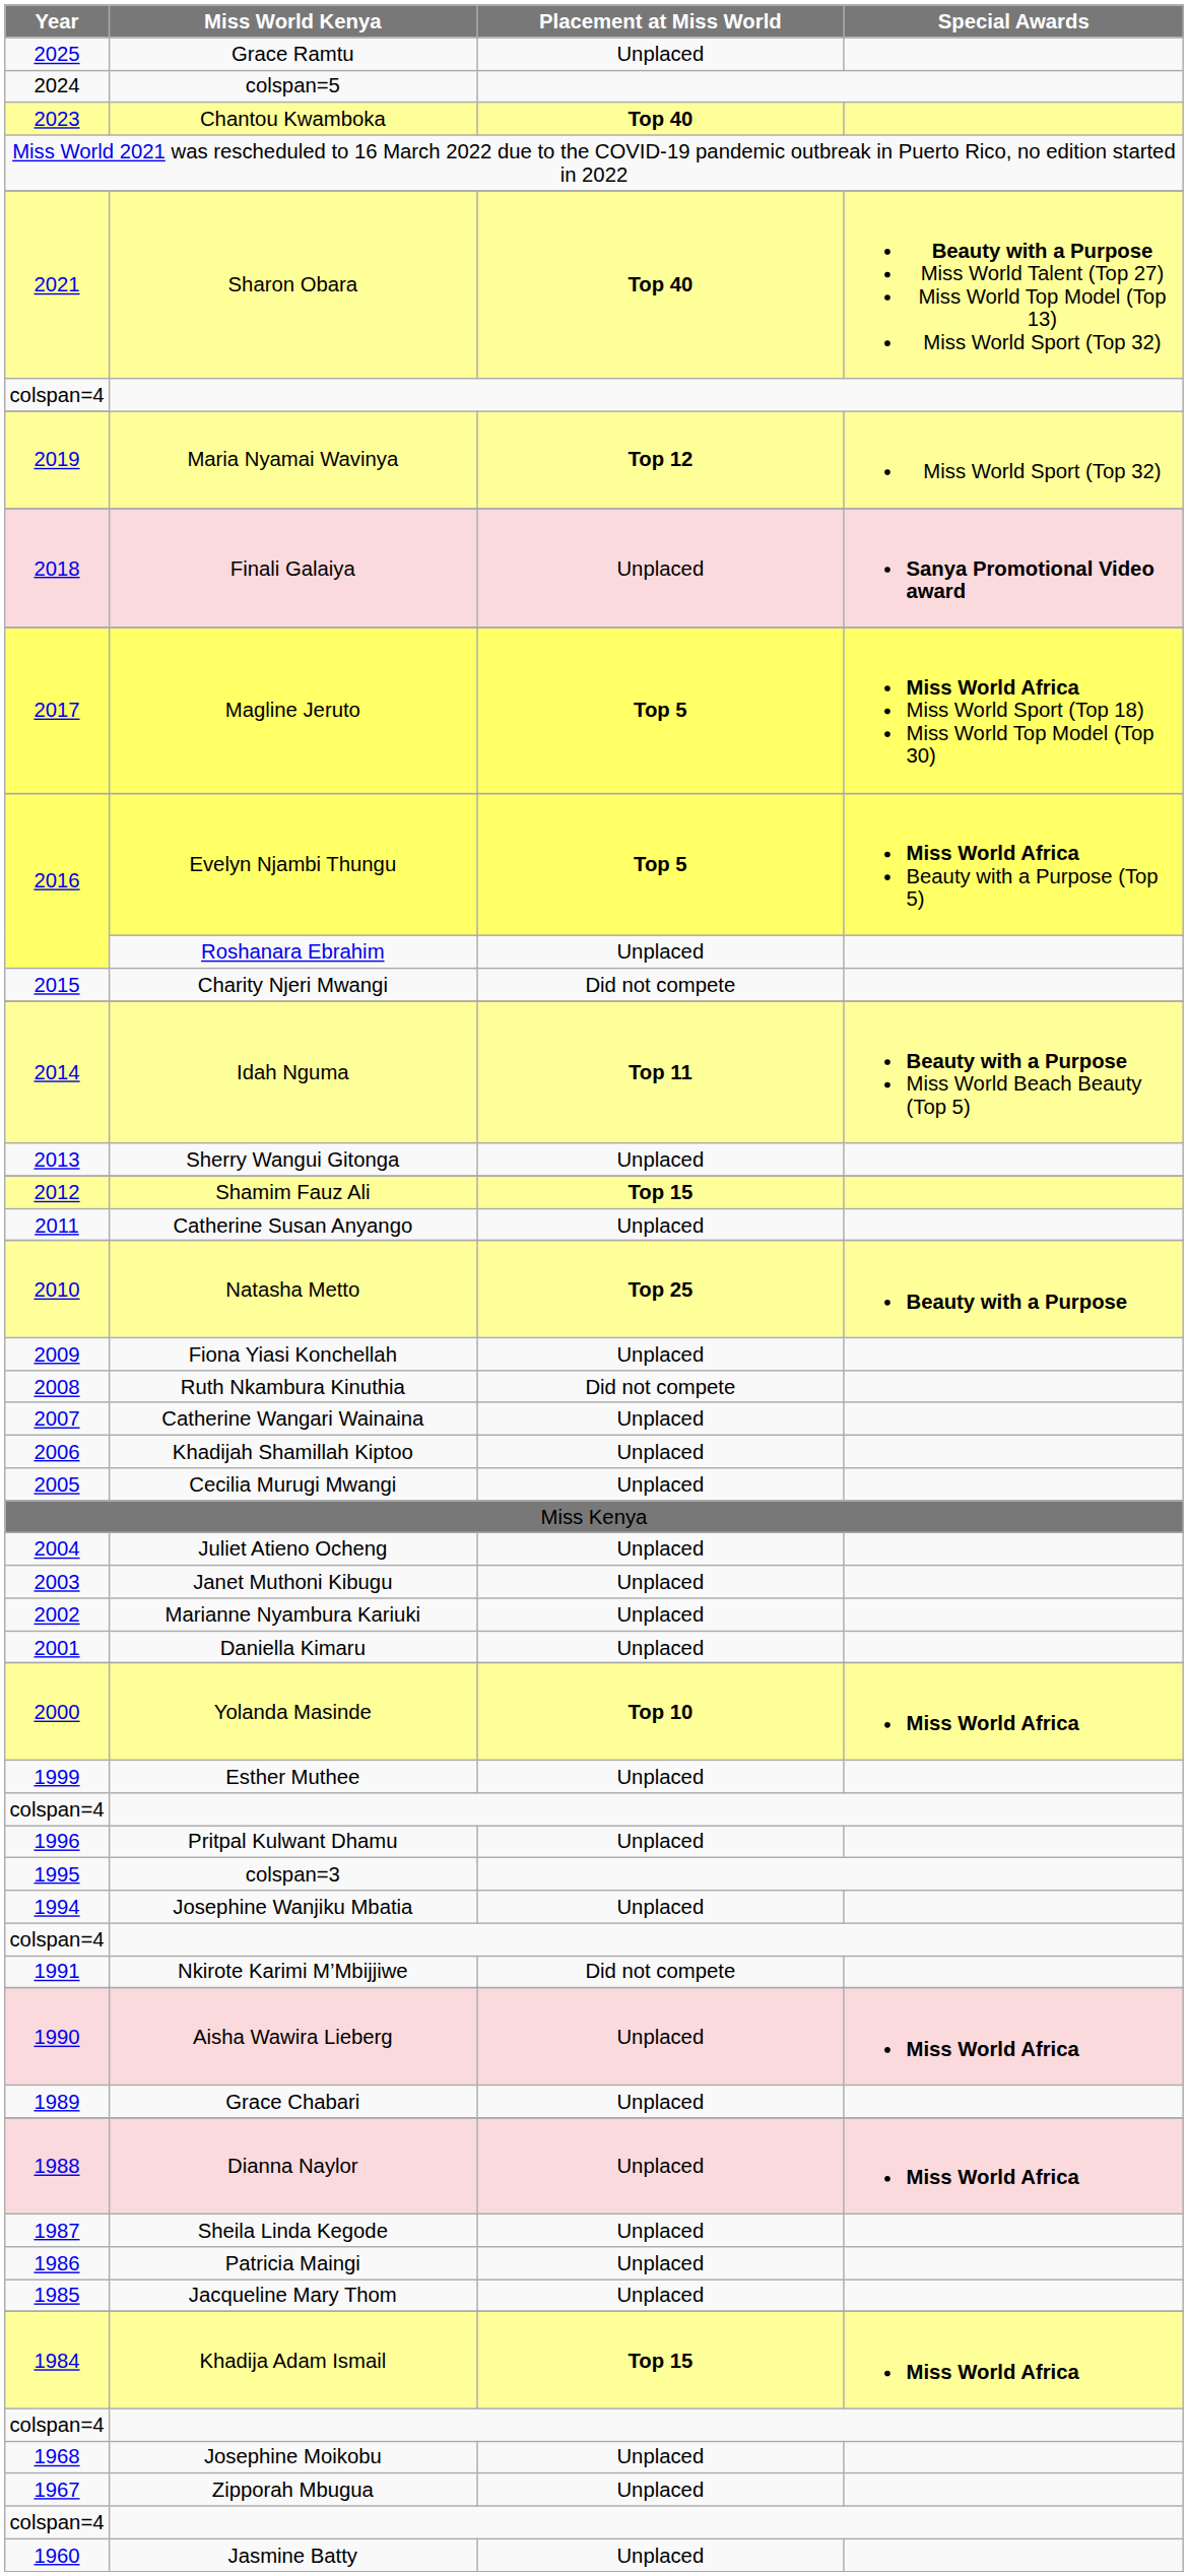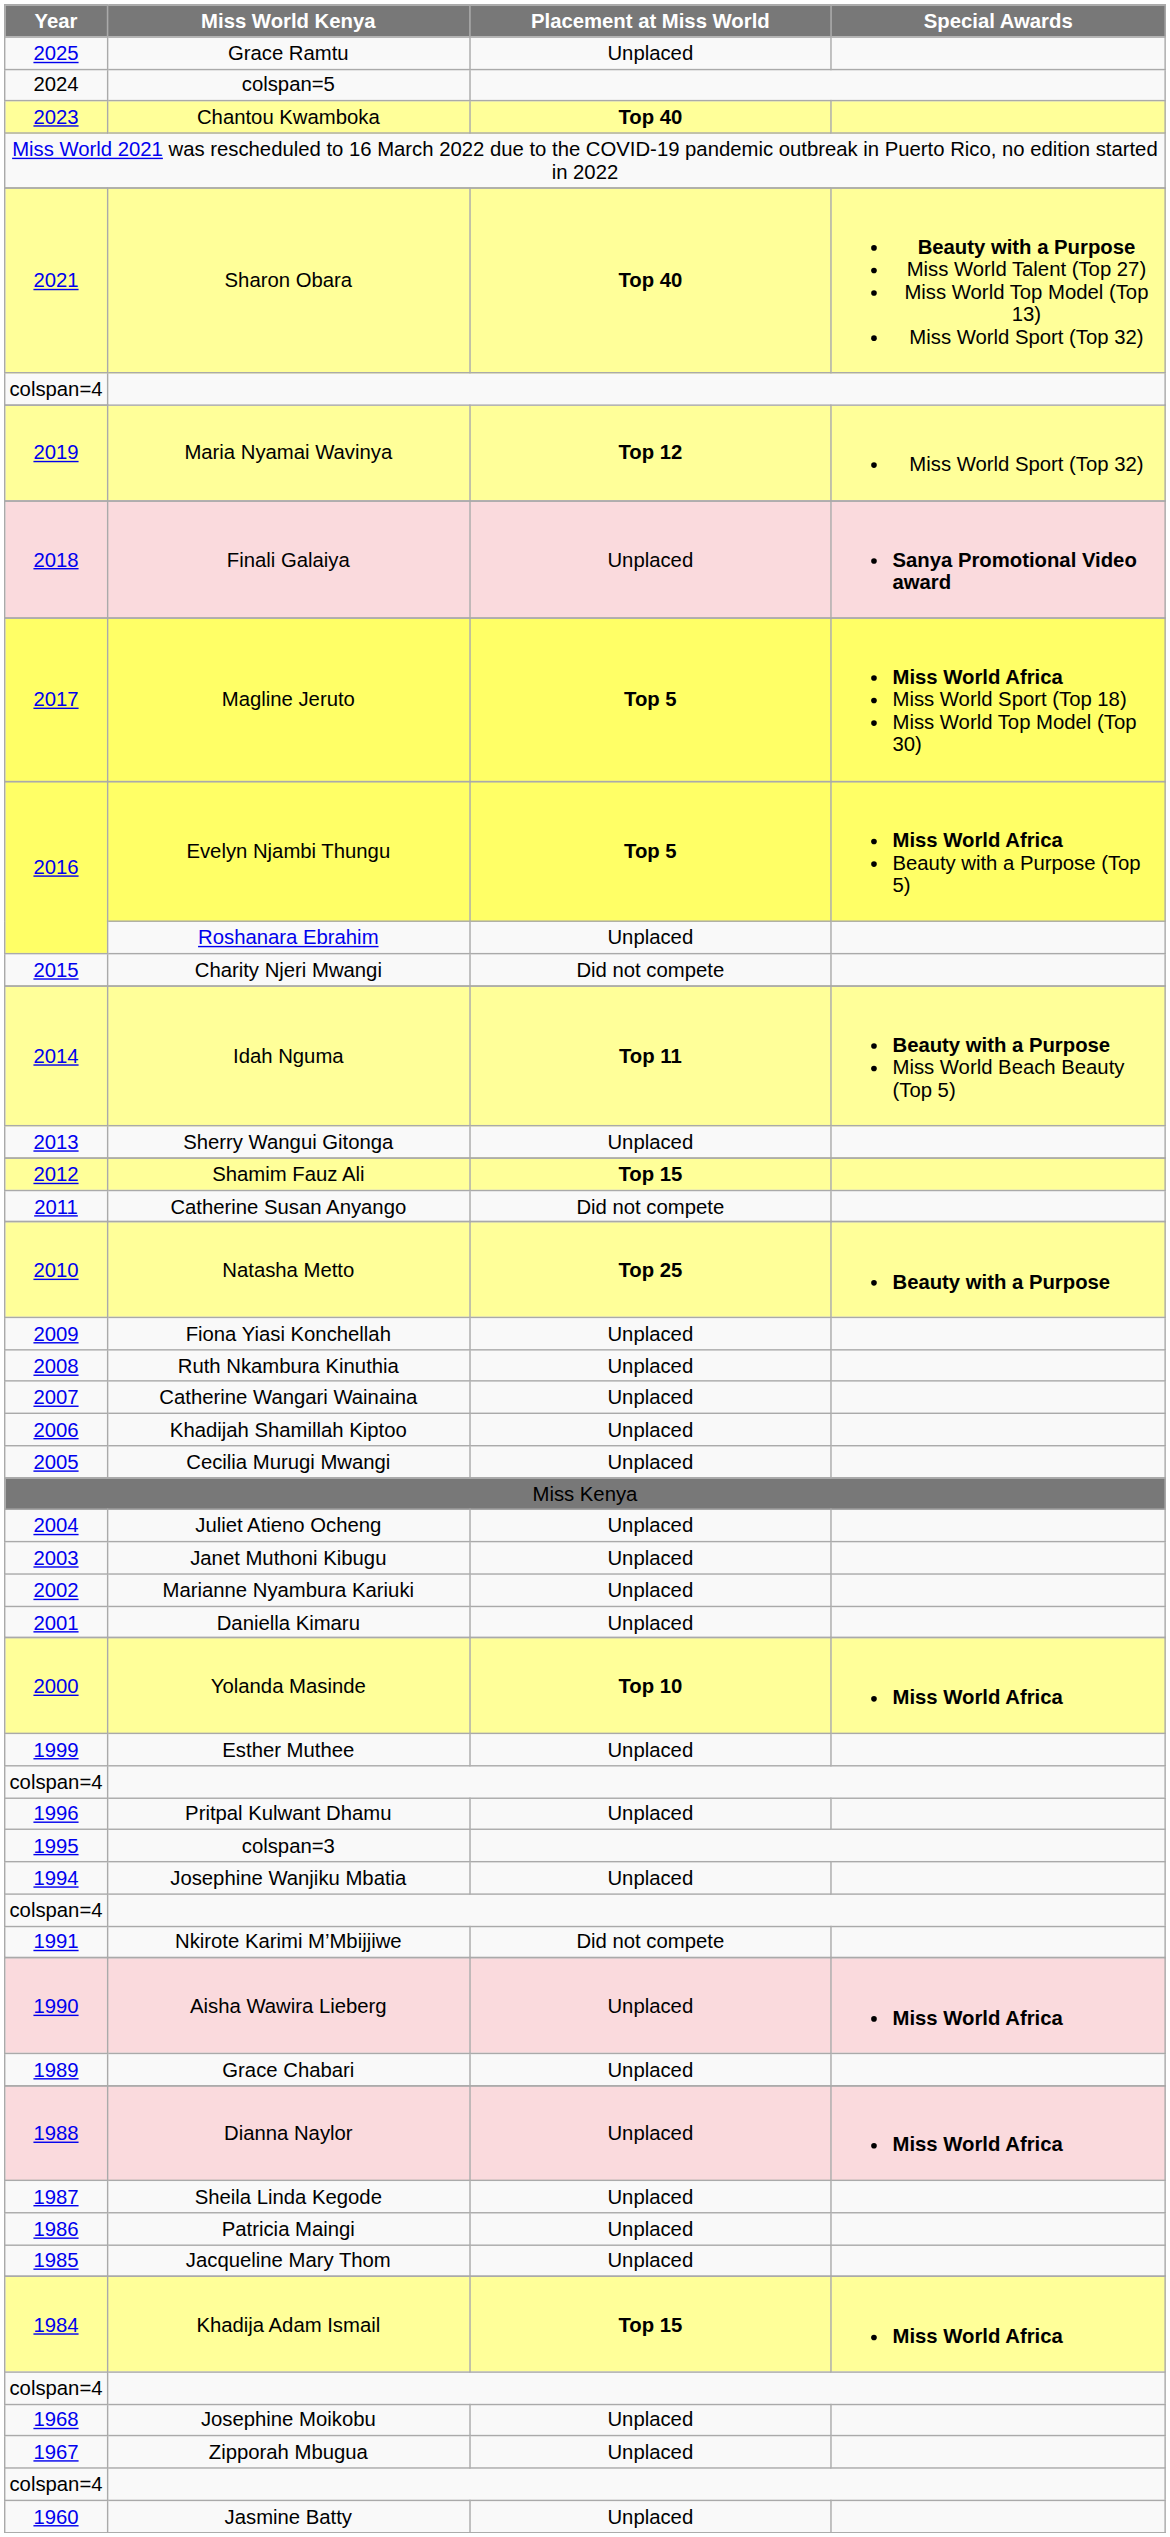 <table class="wikitable" style="font-size: 90%; text-align:center">
 <tr>
 <th width="60" style="background-color:#787878;color:#FFFFFF;">Year</th>
 <th width="250" style="background-color:#787878;color:#FFFFFF;">Miss World Kenya</th>
 <th width="250" style="background-color:#787878;color:#FFFFFF;">Placement at Miss World</th>
 <th width="230" style="background-color:#787878;color:#FFFFFF;">Special Awards</th>
 </tr>
 <tr>
 <td><a href='#'>2025</a></td>
 <td>Grace Ramtu</td>
 <td>Unplaced</td>
 <td></td>
 </tr>
 <tr>
 <td>2024</td>
 <td>colspan=5 </td>
 </tr>
 <tr style="background-color:#FFFF99">
 <td><a href='#'>2023</a></td>
 <td>Chantou Kwamboka</td>
 <td><strong>Top 40</strong></td>
 <td></td>
 </tr>
 <tr>
 <td colspan=5 {{n/a><a href='#'>Miss World 2021</a> was rescheduled to 16 March 2022 due to the COVID-19 pandemic outbreak in Puerto Rico, no edition started in 2022</td>
 </tr>
 <tr>
 </tr>
 <tr style="background-color:#FFFF99">
 <td><a href='#'>2021</a></td>
 <td>Sharon Obara</td>
 <td><strong>Top 40</strong></td>
 <td><br><ul><li><strong>Beauty with a Purpose</strong></li><li>Miss World Talent (Top 27)</li><li>Miss World Top Model (Top 13)</li><li>Miss World Sport (Top 32)</li></ul></td>
 </tr>
 <tr>
 <td>colspan=4 </td>
 </tr>
 <tr>
 </tr>
 <tr style="background-color:#FFFF99">
 <td><a href='#'>2019</a></td>
 <td>Maria Nyamai Wavinya</td>
 <td><strong>Top 12</strong></td>
 <td><br><ul><li>Miss World Sport (Top 32)</li></ul></td>
 </tr>
 <tr>
 </tr>
 <tr style="background-color:#FADADD">
 <td><a href='#'>2018</a></td>
 <td>Finali Galaiya</td>
 <td>Unplaced</td>
 <td align="left"><br><ul><li><strong>Sanya Promotional Video award</strong></li></ul></td>
 </tr>
 <tr>
 </tr>
 <tr style="background-color:#FFFF66">
 <td><a href='#'>2017</a></td>
 <td>Magline Jeruto</td>
 <td><strong>Top 5</strong></td>
 <td align="left"><br><ul><li><strong>Miss World Africa</strong></li><li>Miss World Sport (Top 18)</li><li>Miss World Top Model (Top 30)</li></ul></td>
 </tr>
 <tr>
 </tr>
 <tr style="background-color:#FFFF66">
 <td rowspan="2"><a href='#'>2016</a></td>
 <td>Evelyn Njambi Thungu</td>
 <td><strong>Top 5</strong></td>
 <td align="left"><br><ul><li><strong>Miss World Africa</strong></li><li>Beauty with a Purpose (Top 5)</li></ul></td>
 </tr>
 <tr>
 <td><a href='#'>Roshanara Ebrahim</a></td>
 <td>Unplaced</td>
 <td></td>
 </tr>
 <tr>
 <td><a href='#'>2015</a></td>
 <td>Charity Njeri Mwangi</td>
 <td>Did not compete</td>
 <td></td>
 </tr>
 <tr>
 </tr>
 <tr style="background-color:#FFFF99">
 <td><a href='#'>2014</a></td>
 <td>Idah Nguma</td>
 <td><strong>Top 11</strong></td>
 <td align="left"><br><ul><li><strong>Beauty with a Purpose</strong></li><li>Miss World Beach Beauty (Top 5)</li></ul></td>
 </tr>
 <tr>
 <td><a href='#'>2013</a></td>
 <td>Sherry Wangui Gitonga</td>
 <td>Unplaced</td>
 <td></td>
 </tr>
 <tr>
 </tr>
 <tr style="background-color:#FFFF99">
 <td><a href='#'>2012</a></td>
 <td>Shamim Fauz Ali</td>
 <td><strong>Top 15</strong></td>
 <td></td>
 </tr>
 <tr>
 <td><a href='#'>2011</a></td>
 <td>Catherine Susan Anyango</td>
-<td>Unplaced</td>
+<td>Did not compete</td>
 <td></td>
 </tr>
 <tr>
 </tr>
 <tr style="background-color:#FFFF99">
 <td><a href='#'>2010</a></td>
 <td>Natasha Metto</td>
 <td><strong>Top 25</strong></td>
 <td align="left"><br><ul><li><strong>Beauty with a Purpose</strong></li></ul></td>
 </tr>
 <tr>
 <td><a href='#'>2009</a></td>
 <td>Fiona Yiasi Konchellah</td>
 <td>Unplaced</td>
 <td></td>
 </tr>
 <tr>
 <td><a href='#'>2008</a></td>
 <td>Ruth Nkambura Kinuthia</td>
-<td>Did not compete</td>
+<td>Unplaced</td>
 <td></td>
 </tr>
 <tr>
 <td><a href='#'>2007</a></td>
 <td>Catherine Wangari Wainaina</td>
 <td>Unplaced</td>
 <td></td>
 </tr>
 <tr>
 <td><a href='#'>2006</a></td>
 <td>Khadijah Shamillah Kiptoo</td>
 <td>Unplaced</td>
 <td></td>
 </tr>
 <tr>
 <td><a href='#'>2005</a></td>
 <td>Cecilia Murugi Mwangi</td>
 <td>Unplaced</td>
 <td></td>
 </tr>
 <tr>
 </tr>
 <tr bgcolor="#787878" align="center">
 <td colspan="4"><span>Miss Kenya</span></td>
 </tr>
 <tr>
 <td><a href='#'>2004</a></td>
 <td>Juliet Atieno Ocheng</td>
 <td>Unplaced</td>
 <td></td>
 </tr>
 <tr>
 <td><a href='#'>2003</a></td>
 <td>Janet Muthoni Kibugu</td>
 <td>Unplaced</td>
 <td></td>
 </tr>
 <tr>
 <td><a href='#'>2002</a></td>
 <td>Marianne Nyambura Kariuki</td>
 <td>Unplaced</td>
 <td></td>
 </tr>
 <tr>
 <td><a href='#'>2001</a></td>
 <td>Daniella Kimaru</td>
 <td>Unplaced</td>
 <td></td>
 </tr>
 <tr>
 </tr>
 <tr style="background-color:#FFFF99">
 <td><a href='#'>2000</a></td>
 <td>Yolanda Masinde</td>
 <td><strong>Top 10</strong></td>
 <td align="left"><br><ul><li><strong>Miss World Africa</strong></li></ul></td>
 </tr>
 <tr>
 <td><a href='#'>1999</a></td>
 <td>Esther Muthee</td>
 <td>Unplaced</td>
 <td></td>
 </tr>
 <tr>
 <td>colspan=4 </td>
 </tr>
 <tr>
 <td><a href='#'>1996</a></td>
 <td>Pritpal Kulwant Dhamu</td>
 <td>Unplaced</td>
 <td></td>
 </tr>
 <tr>
 <td><a href='#'>1995</a></td>
 <td>colspan=3 </td>
 </tr>
 <tr>
 <td><a href='#'>1994</a></td>
 <td>Josephine Wanjiku Mbatia</td>
 <td>Unplaced</td>
 <td></td>
 </tr>
 <tr>
 <td>colspan=4 </td>
 </tr>
 <tr>
 <td><a href='#'>1991</a></td>
 <td>Nkirote Karimi M’Mbijjiwe</td>
 <td>Did not compete</td>
 <td></td>
 </tr>
 <tr>
 </tr>
 <tr style="background-color:#FADADD">
 <td><a href='#'>1990</a></td>
 <td>Aisha Wawira Lieberg</td>
 <td>Unplaced</td>
 <td align="left"><br><ul><li><strong>Miss World Africa</strong></li></ul></td>
 </tr>
 <tr>
 <td><a href='#'>1989</a></td>
 <td>Grace Chabari</td>
 <td>Unplaced</td>
 <td></td>
 </tr>
 <tr>
 </tr>
 <tr style="background-color:#FADADD">
 <td><a href='#'>1988</a></td>
 <td>Dianna Naylor</td>
 <td>Unplaced</td>
 <td align="left"><br><ul><li><strong>Miss World Africa</strong></li></ul></td>
 </tr>
 <tr>
 <td><a href='#'>1987</a></td>
 <td>Sheila Linda Kegode</td>
 <td>Unplaced</td>
 <td></td>
 </tr>
 <tr>
 <td><a href='#'>1986</a></td>
 <td>Patricia Maingi</td>
 <td>Unplaced</td>
 <td></td>
 </tr>
 <tr>
 <td><a href='#'>1985</a></td>
 <td>Jacqueline Mary Thom</td>
 <td>Unplaced</td>
 <td></td>
 </tr>
 <tr>
 </tr>
 <tr style="background-color:#FFFF99">
 <td><a href='#'>1984</a></td>
 <td>Khadija Adam Ismail</td>
 <td><strong>Top 15</strong></td>
 <td align="left"><br><ul><li><strong>Miss World Africa</strong></li></ul></td>
 </tr>
 <tr>
 <td>colspan=4 </td>
 </tr>
 <tr>
 <td><a href='#'>1968</a></td>
 <td>Josephine Moikobu</td>
 <td>Unplaced</td>
 <td></td>
 </tr>
 <tr>
 <td><a href='#'>1967</a></td>
 <td>Zipporah Mbugua</td>
 <td>Unplaced</td>
 <td></td>
 </tr>
 <tr>
 <td>colspan=4 </td>
 </tr>
 <tr>
 <td><a href='#'>1960</a></td>
 <td>Jasmine Batty</td>
 <td>Unplaced</td>
 <td></td>
 </tr>
 <tr>
 </tr>
 </table>
